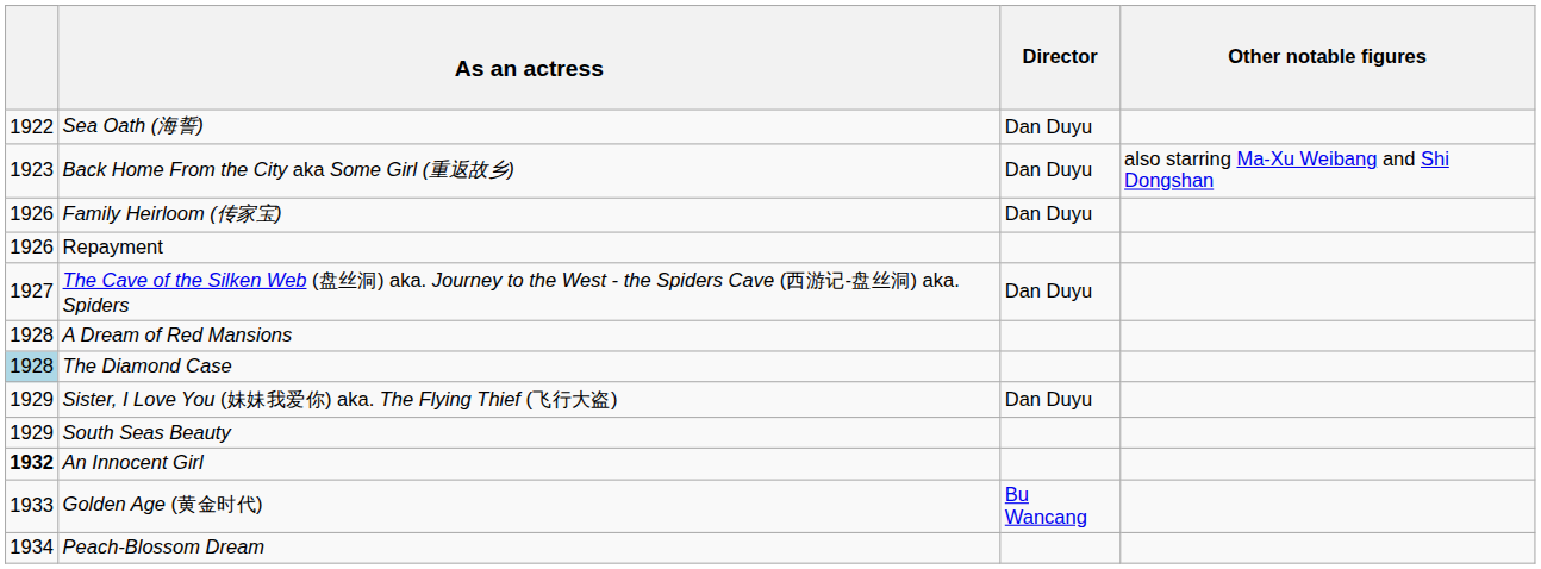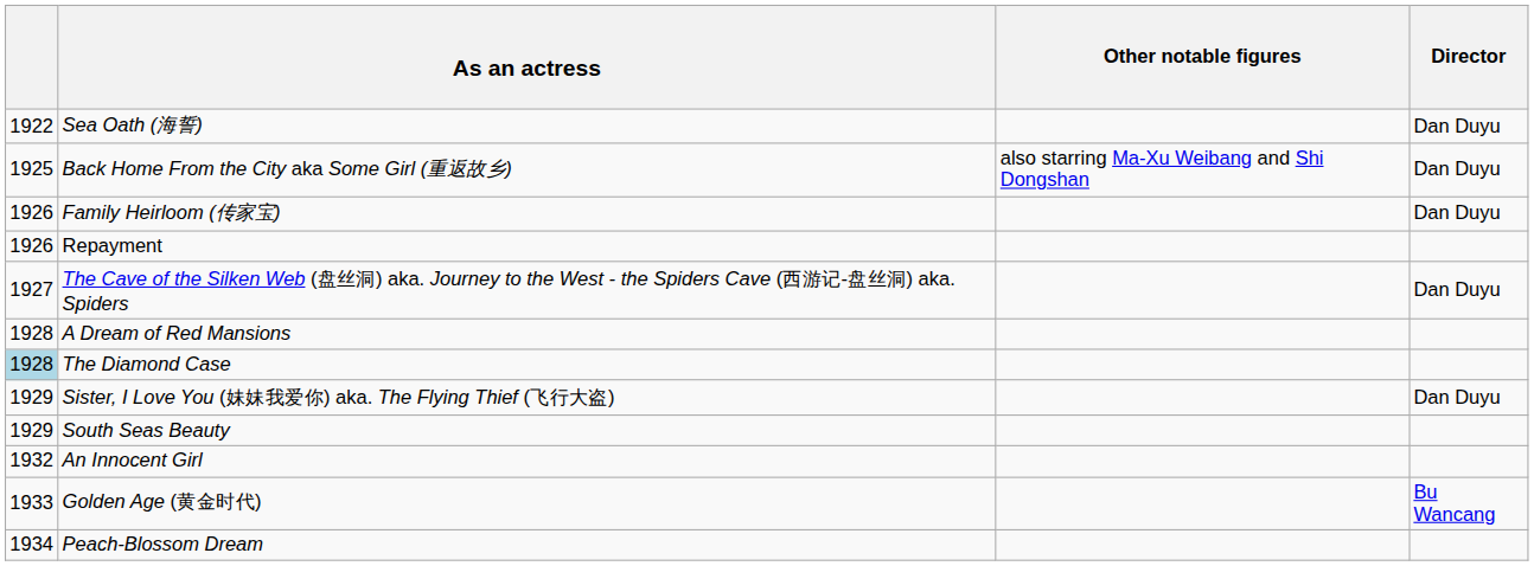 <table class="wikitable">
 <tr>
 <th></th>
 <th><br><h3>As an actress</h3></th>
+<th>Other notable figures</th>
 <th>Director</th>
-<th>Other notable figures</th>
 </tr>
 <tr>
 <td>1922</td>
 <td><em>Sea Oath (海誓)</em></td>
+<td></td>
 <td>Dan Duyu</td>
-<td></td>
 </tr>
 <tr>
-<td>1923</td>
+<td>1925</td>
 <td><em>Back Home From the City</em> aka <em>Some Girl  (重返故乡)</em></td>
+<td>also starring <a href='#'>Ma-Xu Weibang</a> and <a href='#'>Shi Dongshan</a></td>
 <td>Dan Duyu</td>
-<td>also starring <a href='#'>Ma-Xu Weibang</a> and <a href='#'>Shi Dongshan</a></td>
 </tr>
 <tr>
 <td>1926</td>
 <td><em>Family Heirloom (传家宝)</em></td>
+<td></td>
 <td>Dan Duyu</td>
-<td></td>
 </tr>
 <tr>
 <td>1926</td>
 <td>Repayment</td>
 <td></td>
 <td></td>
 </tr>
 <tr>
 <td>1927</td>
 <td><em><a href='#'>The Cave of the Silken Web</a></em> (盘丝洞) aka. <em>Journey to the West - the Spiders Cave</em> (西游记-盘丝洞) aka. <em>Spiders</em></td>
+<td></td>
 <td>Dan Duyu</td>
-<td></td>
 </tr>
 <tr>
 <td>1928</td>
 <td><em>A Dream of Red Mansions</em></td>
 <td></td>
 <td></td>
 </tr>
 <tr>
 <td style="background: lightblue;">1928</td>
 <td><em>The Diamond Case</em></td>
 <td></td>
 <td></td>
 </tr>
 <tr>
 <td>1929</td>
 <td><em>Sister, I Love You</em> (妹妹我爱你) aka. <em>The Flying Thief</em> (飞行大盗)</td>
+<td></td>
 <td>Dan Duyu</td>
-<td></td>
 </tr>
 <tr>
 <td>1929</td>
 <td><em>South Seas Beauty</em></td>
 <td></td>
 <td></td>
 </tr>
 <tr>
-<td><strong>1932</strong></td>
+<td>1932</td>
 <td><em>An Innocent Girl</em></td>
 <td></td>
 <td></td>
 </tr>
 <tr>
 <td>1933</td>
 <td><em>Golden Age</em> (黄金时代)</td>
+<td></td>
 <td><a href='#'>Bu Wancang</a></td>
-<td></td>
 </tr>
 <tr>
 <td>1934</td>
 <td><em>Peach-Blossom Dream</em></td>
 <td></td>
 <td></td>
 </tr>
 </table>
